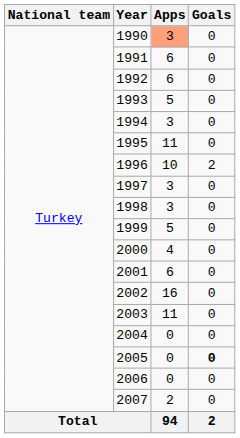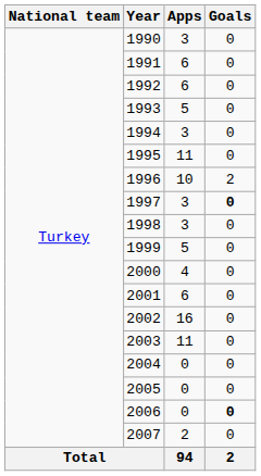 <table class="wikitable" style="text-align:center">
 <tr>
 <th>National team</th>
 <th>Year</th>
 <th>Apps</th>
 <th>Goals</th>
 </tr>
 <tr>
 <td rowspan="18"><a href='#'>Turkey</a></td>
 <td>1990</td>
-<td style="background: lightsalmon;">3</td>
+<td>3</td>
 <td>0</td>
 </tr>
 <tr>
 <td>1991</td>
 <td>6</td>
 <td>0</td>
 </tr>
 <tr>
 <td>1992</td>
 <td>6</td>
 <td>0</td>
 </tr>
 <tr>
 <td>1993</td>
 <td>5</td>
 <td>0</td>
 </tr>
 <tr>
 <td>1994</td>
 <td>3</td>
 <td>0</td>
 </tr>
 <tr>
 <td>1995</td>
 <td>11</td>
 <td>0</td>
 </tr>
 <tr>
 <td>1996</td>
 <td>10</td>
 <td>2</td>
 </tr>
 <tr>
 <td>1997</td>
 <td>3</td>
-<td>0</td>
+<td><strong>0</strong></td>
 </tr>
 <tr>
 <td>1998</td>
 <td>3</td>
 <td>0</td>
 </tr>
 <tr>
 <td>1999</td>
 <td>5</td>
 <td>0</td>
 </tr>
 <tr>
 <td>2000</td>
 <td>4</td>
 <td>0</td>
 </tr>
 <tr>
 <td>2001</td>
 <td>6</td>
 <td>0</td>
 </tr>
 <tr>
 <td>2002</td>
 <td>16</td>
 <td>0</td>
 </tr>
 <tr>
 <td>2003</td>
 <td>11</td>
 <td>0</td>
 </tr>
 <tr>
 <td>2004</td>
 <td>0</td>
 <td>0</td>
 </tr>
 <tr>
 <td>2005</td>
 <td>0</td>
-<td><strong>0</strong></td>
+<td>0</td>
 </tr>
 <tr>
 <td>2006</td>
 <td>0</td>
-<td>0</td>
+<td><strong>0</strong></td>
 </tr>
 <tr>
 <td>2007</td>
 <td>2</td>
 <td>0</td>
 </tr>
 <tr>
 <th colspan="2">Total</th>
 <th>94</th>
 <th>2</th>
 </tr>
 </table>
